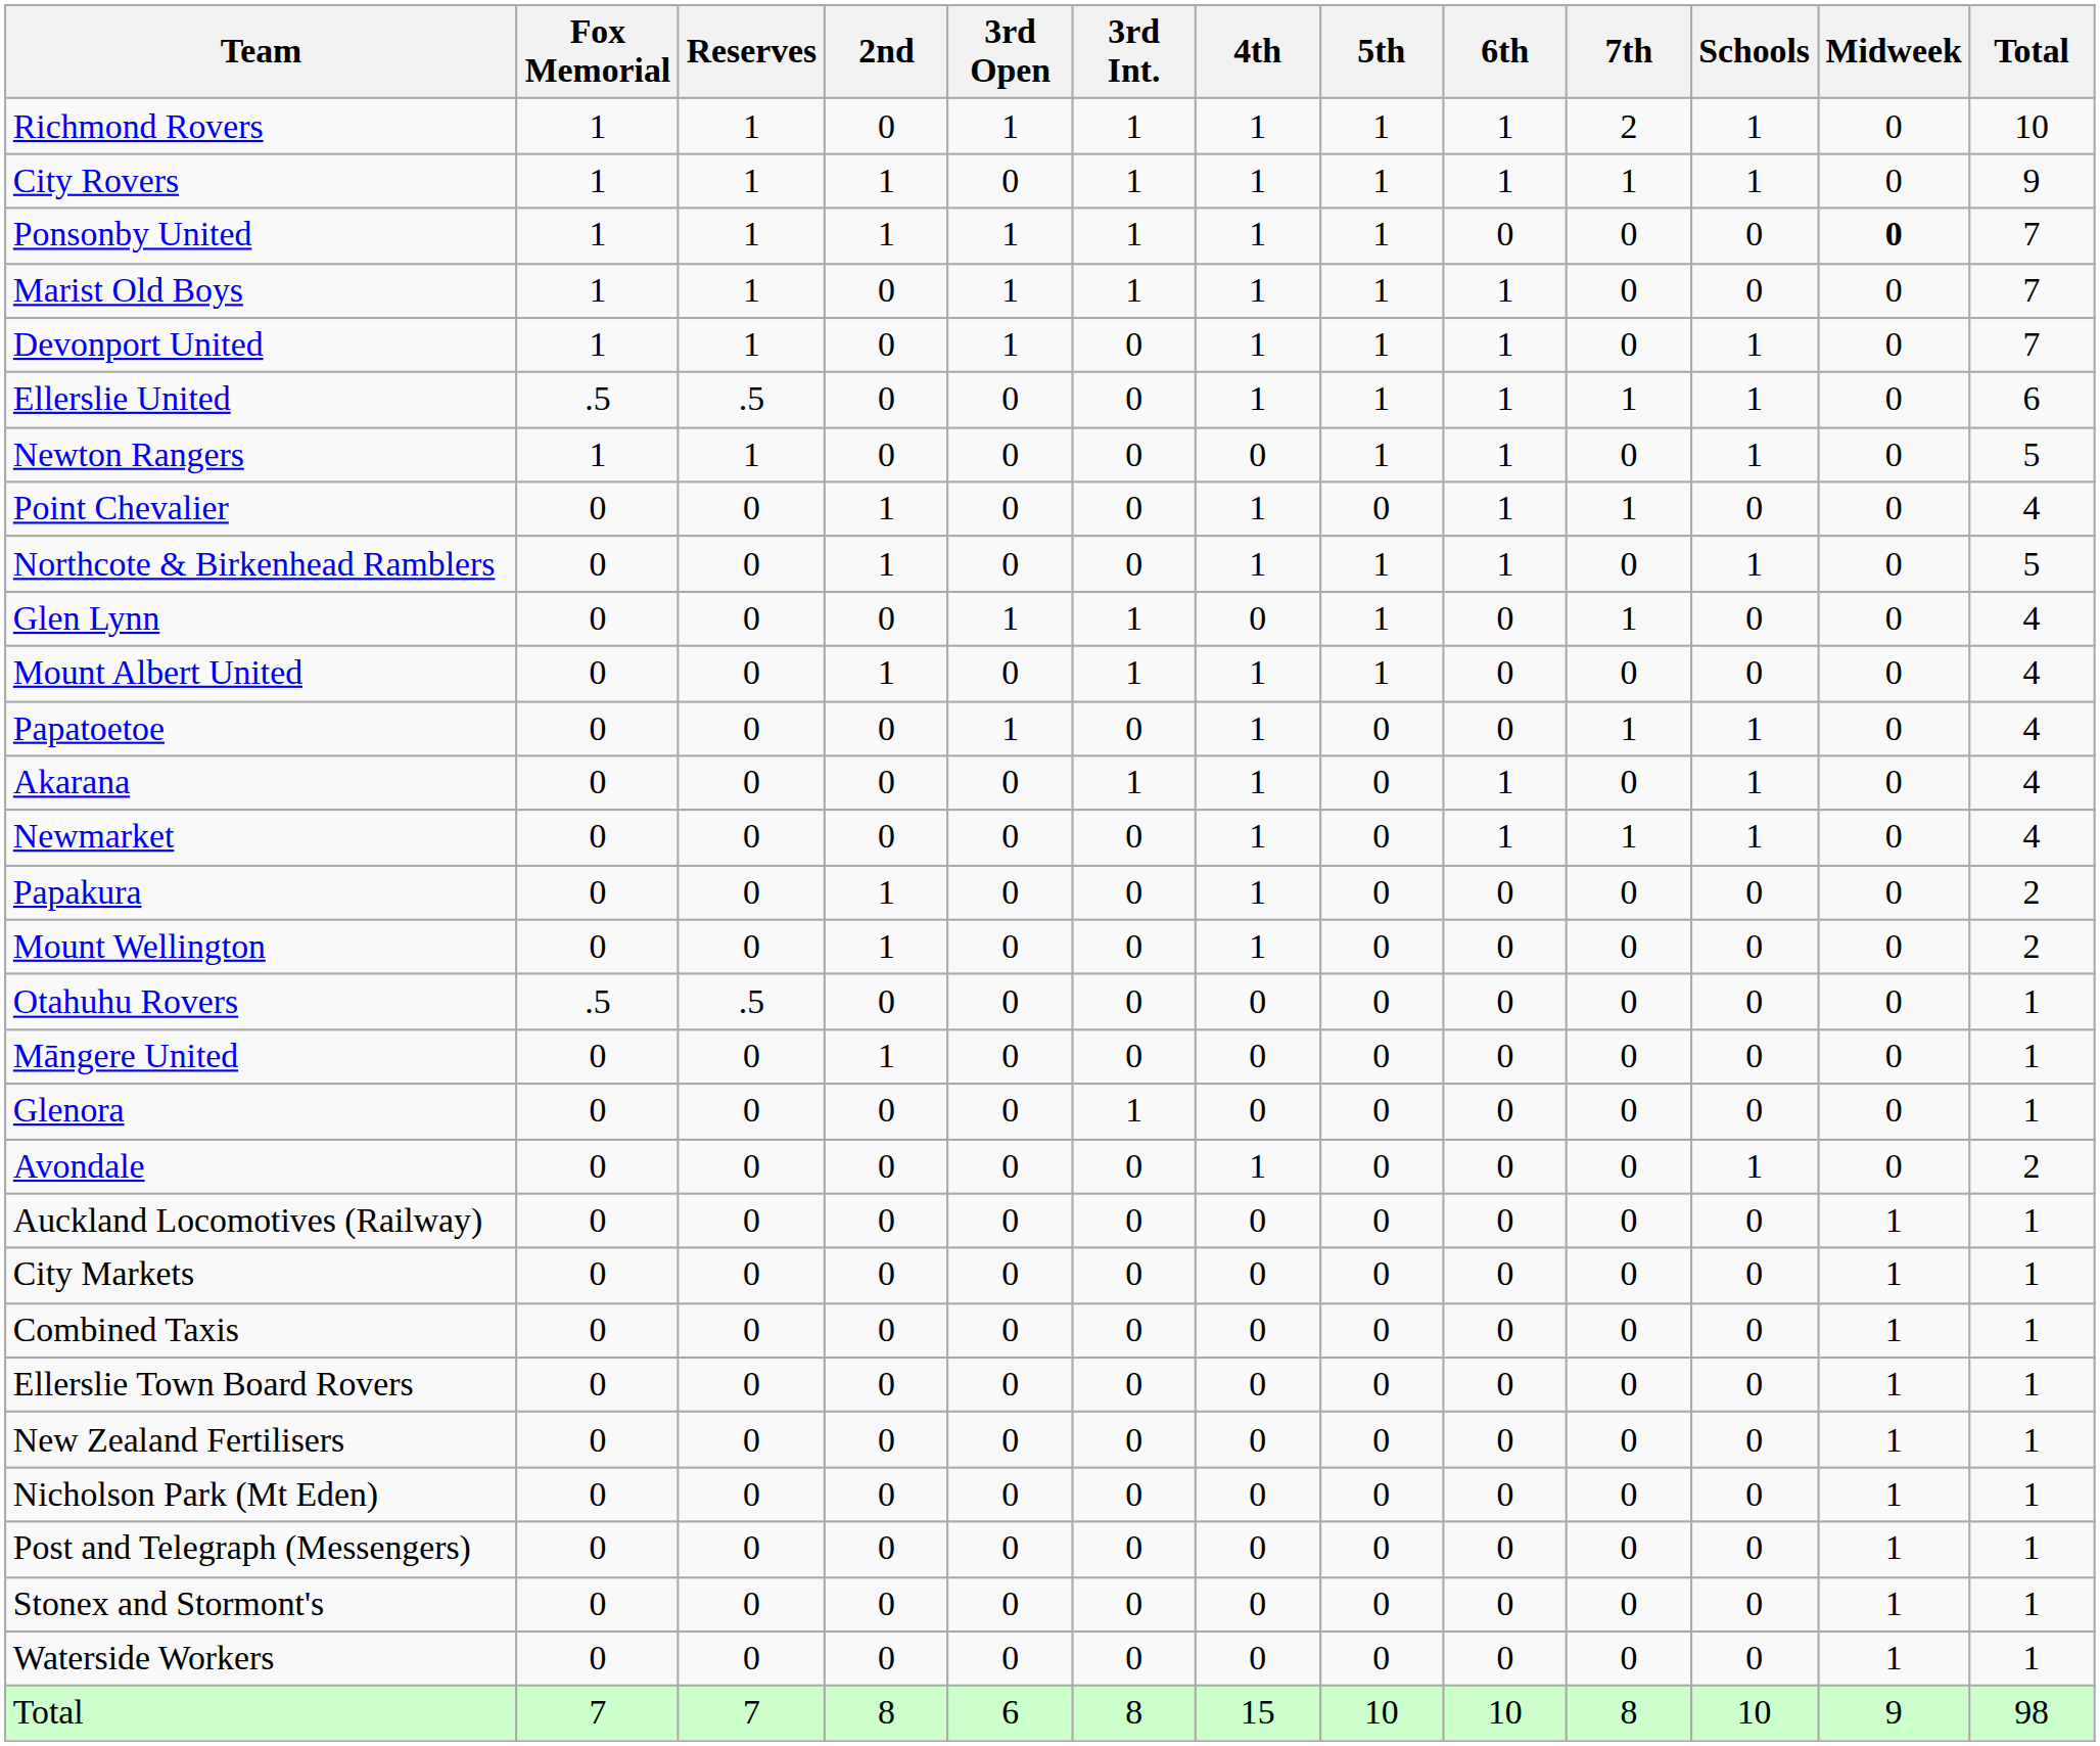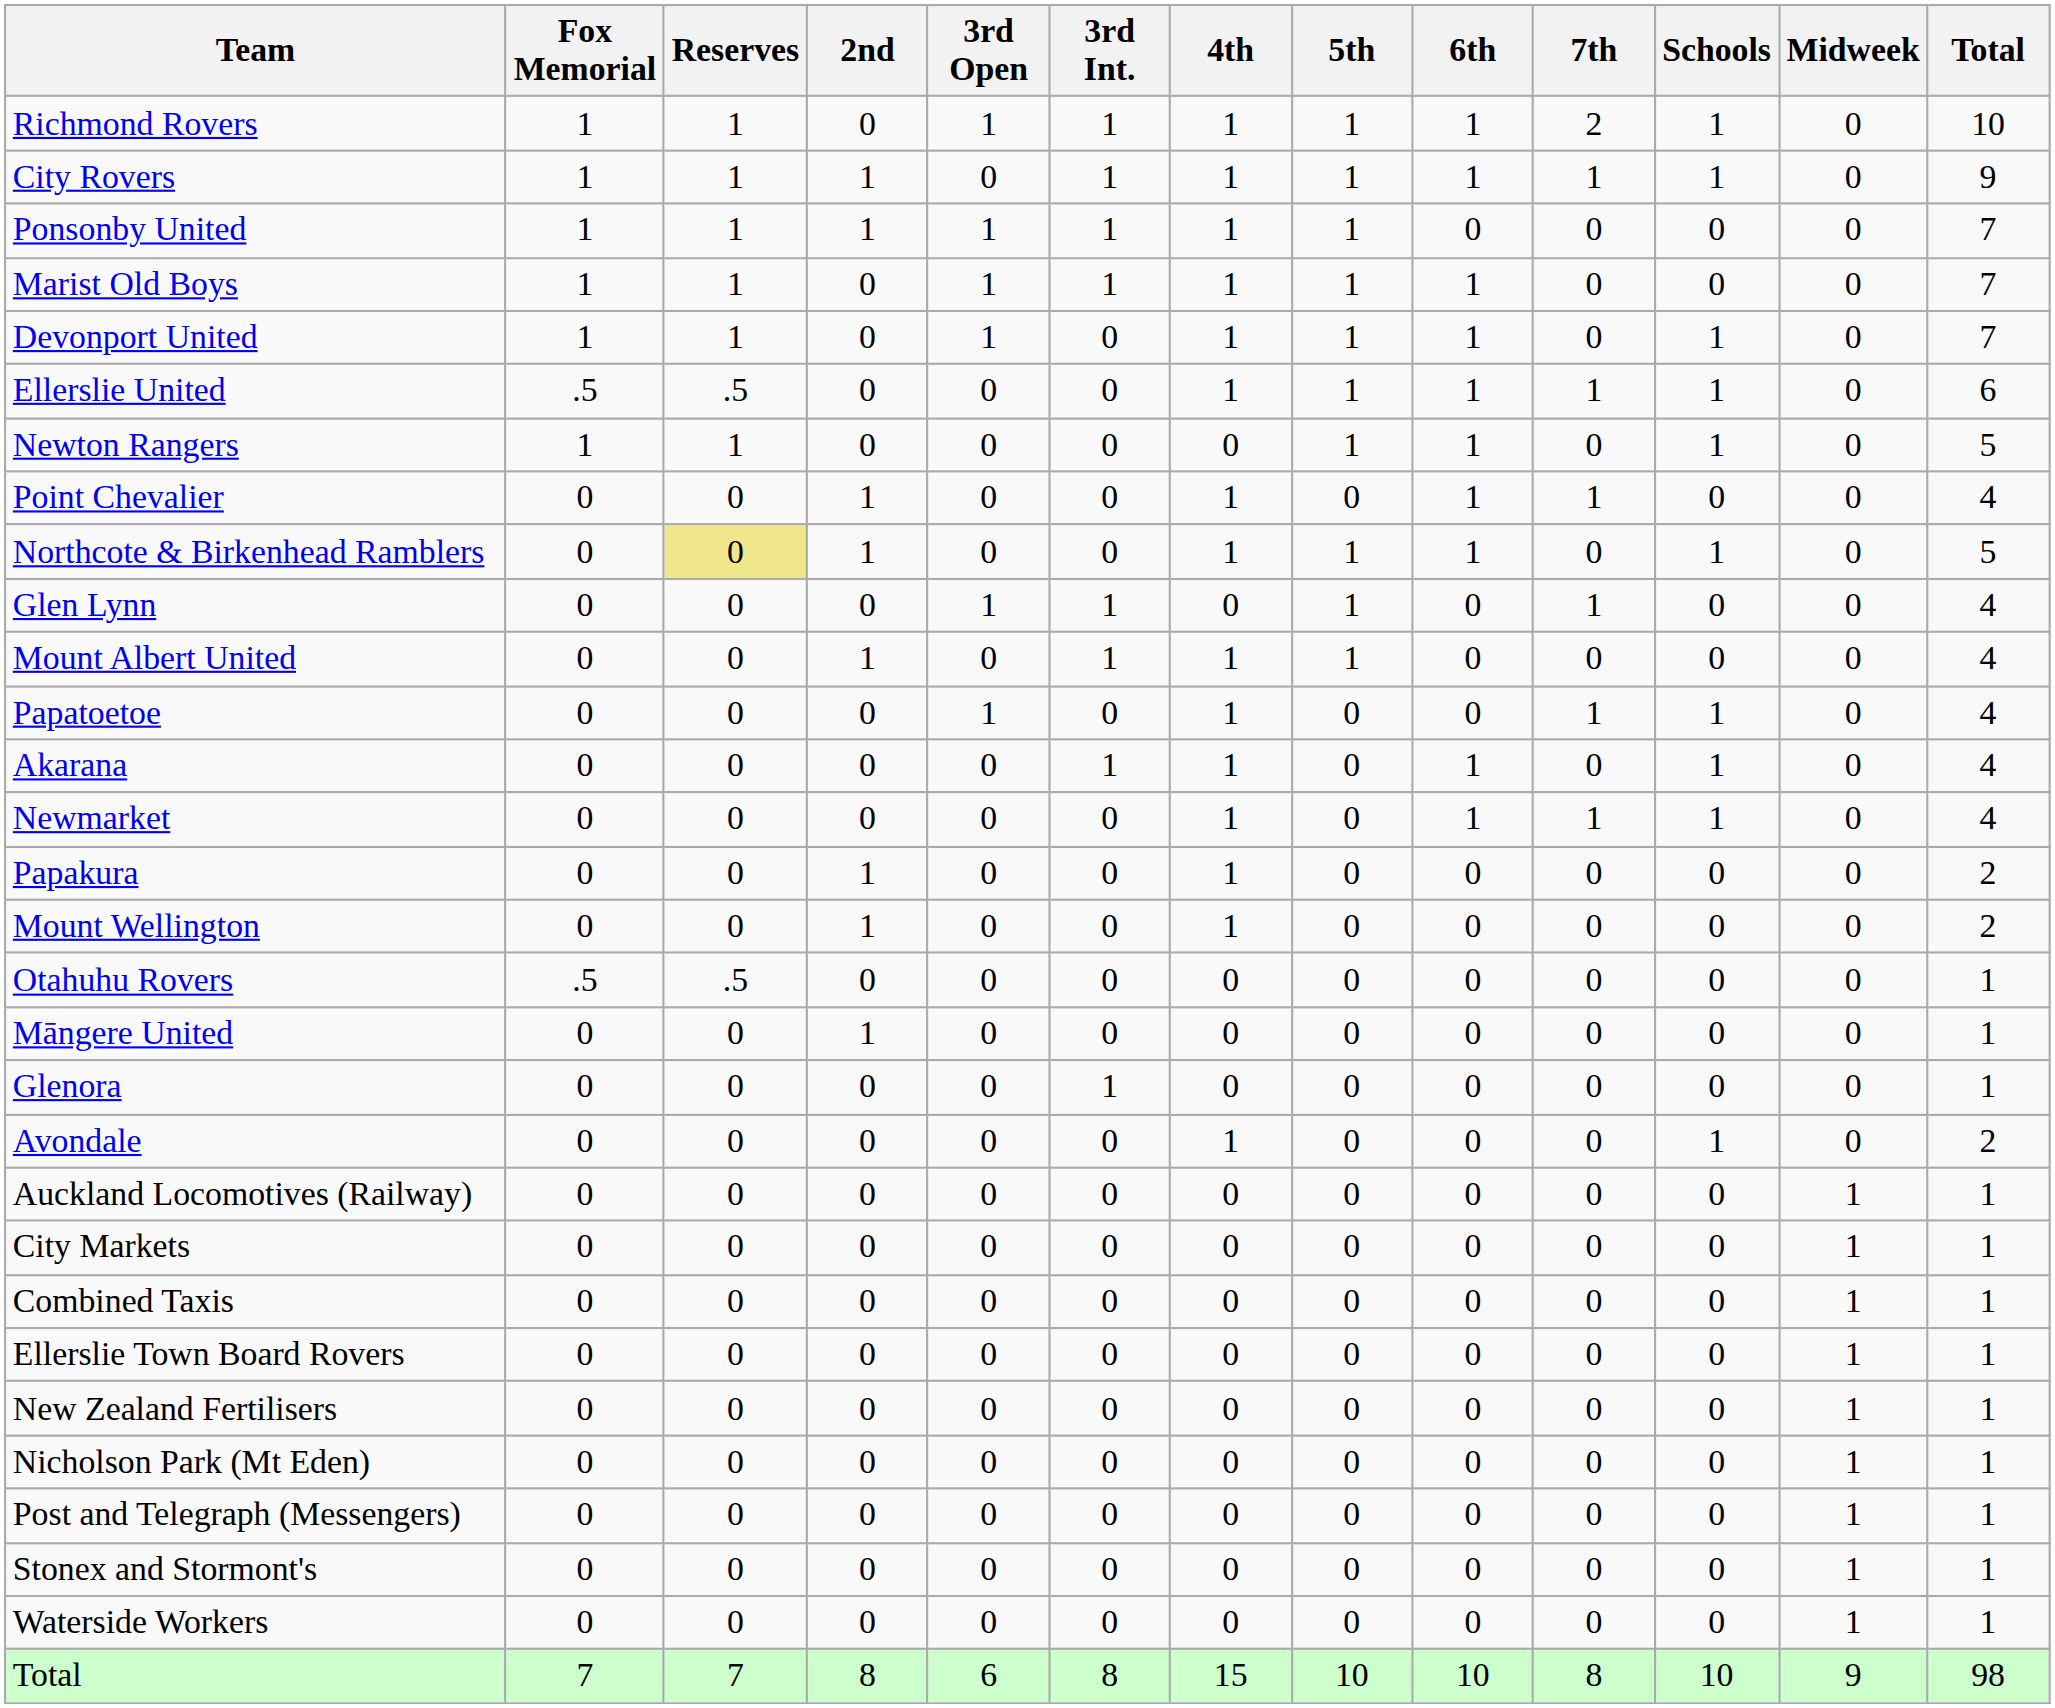 <table class="wikitable" style="text-align:center;">
 <tr>
 <th width=230>Team</th>
 <th width=50 abbr="1st Grade">Fox Memorial</th>
 <th width=50 abbr="Reserves">Reserves</th>
 <th width=50 abbr="2nd Grade">2nd</th>
 <th width=50 abbr="3rd Grade">3rd Open</th>
 <th width=50 abbr="3rd Grade">3rd Int.</th>
 <th width=50 abbr="4th Grade">4th</th>
 <th width=50 abbr="5th Grade">5th</th>
 <th width=50 abbr="6th Grade">6th</th>
 <th width=50 abbr="7th Grade">7th</th>
 <th width=50 abbr="Schoolboys">Schools</th>
 <th width=50 abbr="Midweek Competition">Midweek</th>
 <th width=50 abbr="Total">Total</th>
 </tr>
 <tr>
 <td style="text-align:left;"><a href='#'>Richmond Rovers</a></td>
 <td>1</td>
 <td>1</td>
 <td>0</td>
 <td>1</td>
 <td>1</td>
 <td>1</td>
 <td>1</td>
 <td>1</td>
 <td>2</td>
 <td>1</td>
 <td>0</td>
 <td>10</td>
 </tr>
 <tr>
 <td style="text-align:left;"><a href='#'>City Rovers</a></td>
 <td>1</td>
 <td>1</td>
 <td>1</td>
 <td>0</td>
 <td>1</td>
 <td>1</td>
 <td>1</td>
 <td>1</td>
 <td>1</td>
 <td>1</td>
 <td>0</td>
 <td>9</td>
 </tr>
 <tr>
 <td style="text-align:left;"><a href='#'>Ponsonby United</a></td>
 <td>1</td>
 <td>1</td>
 <td>1</td>
 <td>1</td>
 <td>1</td>
 <td>1</td>
 <td>1</td>
 <td>0</td>
 <td>0</td>
 <td>0</td>
-<td><strong>0</strong></td>
+<td>0</td>
 <td>7</td>
 </tr>
 <tr>
 <td style="text-align:left;"><a href='#'>Marist Old Boys</a></td>
 <td>1</td>
 <td>1</td>
 <td>0</td>
 <td>1</td>
 <td>1</td>
 <td>1</td>
 <td>1</td>
 <td>1</td>
 <td>0</td>
 <td>0</td>
 <td>0</td>
 <td>7</td>
 </tr>
 <tr>
 <td style="text-align:left;"><a href='#'>Devonport United</a></td>
 <td>1</td>
 <td>1</td>
 <td>0</td>
 <td>1</td>
 <td>0</td>
 <td>1</td>
 <td>1</td>
 <td>1</td>
 <td>0</td>
 <td>1</td>
 <td>0</td>
 <td>7</td>
 </tr>
 <tr>
 <td style="text-align:left;"><a href='#'>Ellerslie United</a></td>
 <td>.5</td>
 <td>.5</td>
 <td>0</td>
 <td>0</td>
 <td>0</td>
 <td>1</td>
 <td>1</td>
 <td>1</td>
 <td>1</td>
 <td>1</td>
 <td>0</td>
 <td>6</td>
 </tr>
 <tr>
 <td style="text-align:left;"><a href='#'>Newton Rangers</a></td>
 <td>1</td>
 <td>1</td>
 <td>0</td>
 <td>0</td>
 <td>0</td>
 <td>0</td>
 <td>1</td>
 <td>1</td>
 <td>0</td>
 <td>1</td>
 <td>0</td>
 <td>5</td>
 </tr>
 <tr>
 <td style="text-align:left;"><a href='#'>Point Chevalier</a></td>
 <td>0</td>
 <td>0</td>
 <td>1</td>
 <td>0</td>
 <td>0</td>
 <td>1</td>
 <td>0</td>
 <td>1</td>
 <td>1</td>
 <td>0</td>
 <td>0</td>
 <td>4</td>
 </tr>
 <tr>
 <td style="text-align:left;"><a href='#'>Northcote & Birkenhead Ramblers</a></td>
 <td>0</td>
-<td>0</td>
+<td style="background: khaki;">0</td>
 <td>1</td>
 <td>0</td>
 <td>0</td>
 <td>1</td>
 <td>1</td>
 <td>1</td>
 <td>0</td>
 <td>1</td>
 <td>0</td>
 <td>5</td>
 </tr>
 <tr>
 <td style="text-align:left;"><a href='#'>Glen Lynn</a></td>
 <td>0</td>
 <td>0</td>
 <td>0</td>
 <td>1</td>
 <td>1</td>
 <td>0</td>
 <td>1</td>
 <td>0</td>
 <td>1</td>
 <td>0</td>
 <td>0</td>
 <td>4</td>
 </tr>
 <tr>
 <td style="text-align:left;"><a href='#'>Mount Albert United</a></td>
 <td>0</td>
 <td>0</td>
 <td>1</td>
 <td>0</td>
 <td>1</td>
 <td>1</td>
 <td>1</td>
 <td>0</td>
 <td>0</td>
 <td>0</td>
 <td>0</td>
 <td>4</td>
 </tr>
 <tr>
 <td style="text-align:left;"><a href='#'>Papatoetoe</a></td>
 <td>0</td>
 <td>0</td>
 <td>0</td>
 <td>1</td>
 <td>0</td>
 <td>1</td>
 <td>0</td>
 <td>0</td>
 <td>1</td>
 <td>1</td>
 <td>0</td>
 <td>4</td>
 </tr>
 <tr>
 <td style="text-align:left;"><a href='#'>Akarana</a></td>
 <td>0</td>
 <td>0</td>
 <td>0</td>
 <td>0</td>
 <td>1</td>
 <td>1</td>
 <td>0</td>
 <td>1</td>
 <td>0</td>
 <td>1</td>
 <td>0</td>
 <td>4</td>
 </tr>
 <tr>
 <td style="text-align:left;"><a href='#'>Newmarket</a></td>
 <td>0</td>
 <td>0</td>
 <td>0</td>
 <td>0</td>
 <td>0</td>
 <td>1</td>
 <td>0</td>
 <td>1</td>
 <td>1</td>
 <td>1</td>
 <td>0</td>
 <td>4</td>
 </tr>
 <tr>
 <td style="text-align:left;"><a href='#'>Papakura</a></td>
 <td>0</td>
 <td>0</td>
 <td>1</td>
 <td>0</td>
 <td>0</td>
 <td>1</td>
 <td>0</td>
 <td>0</td>
 <td>0</td>
 <td>0</td>
 <td>0</td>
 <td>2</td>
 </tr>
 <tr>
 <td style="text-align:left;"><a href='#'>Mount Wellington</a></td>
 <td>0</td>
 <td>0</td>
 <td>1</td>
 <td>0</td>
 <td>0</td>
 <td>1</td>
 <td>0</td>
 <td>0</td>
 <td>0</td>
 <td>0</td>
 <td>0</td>
 <td>2</td>
 </tr>
 <tr>
 <td style="text-align:left;"><a href='#'>Otahuhu Rovers</a></td>
 <td>.5</td>
 <td>.5</td>
 <td>0</td>
 <td>0</td>
 <td>0</td>
 <td>0</td>
 <td>0</td>
 <td>0</td>
 <td>0</td>
 <td>0</td>
 <td>0</td>
 <td>1</td>
 </tr>
 <tr>
 <td style="text-align:left;"><a href='#'>Māngere United</a></td>
 <td>0</td>
 <td>0</td>
 <td>1</td>
 <td>0</td>
 <td>0</td>
 <td>0</td>
 <td>0</td>
 <td>0</td>
 <td>0</td>
 <td>0</td>
 <td>0</td>
 <td>1</td>
 </tr>
 <tr>
 <td style="text-align:left;"><a href='#'>Glenora</a></td>
 <td>0</td>
 <td>0</td>
 <td>0</td>
 <td>0</td>
 <td>1</td>
 <td>0</td>
 <td>0</td>
 <td>0</td>
 <td>0</td>
 <td>0</td>
 <td>0</td>
 <td>1</td>
 </tr>
 <tr>
 <td style="text-align:left;"><a href='#'>Avondale</a></td>
 <td>0</td>
 <td>0</td>
 <td>0</td>
 <td>0</td>
 <td>0</td>
 <td>1</td>
 <td>0</td>
 <td>0</td>
 <td>0</td>
 <td>1</td>
 <td>0</td>
 <td>2</td>
 </tr>
 <tr>
 <td style="text-align:left;">Auckland Locomotives (Railway)</td>
 <td>0</td>
 <td>0</td>
 <td>0</td>
 <td>0</td>
 <td>0</td>
 <td>0</td>
 <td>0</td>
 <td>0</td>
 <td>0</td>
 <td>0</td>
 <td>1</td>
 <td>1</td>
 </tr>
 <tr>
 <td style="text-align:left;">City Markets</td>
 <td>0</td>
 <td>0</td>
 <td>0</td>
 <td>0</td>
 <td>0</td>
 <td>0</td>
 <td>0</td>
 <td>0</td>
 <td>0</td>
 <td>0</td>
 <td>1</td>
 <td>1</td>
 </tr>
 <tr>
 <td style="text-align:left;">Combined Taxis</td>
 <td>0</td>
 <td>0</td>
 <td>0</td>
 <td>0</td>
 <td>0</td>
 <td>0</td>
 <td>0</td>
 <td>0</td>
 <td>0</td>
 <td>0</td>
 <td>1</td>
 <td>1</td>
 </tr>
 <tr>
 <td style="text-align:left;">Ellerslie Town Board Rovers</td>
 <td>0</td>
 <td>0</td>
 <td>0</td>
 <td>0</td>
 <td>0</td>
 <td>0</td>
 <td>0</td>
 <td>0</td>
 <td>0</td>
 <td>0</td>
 <td>1</td>
 <td>1</td>
 </tr>
 <tr>
 <td style="text-align:left;">New Zealand Fertilisers</td>
 <td>0</td>
 <td>0</td>
 <td>0</td>
 <td>0</td>
 <td>0</td>
 <td>0</td>
 <td>0</td>
 <td>0</td>
 <td>0</td>
 <td>0</td>
 <td>1</td>
 <td>1</td>
 </tr>
 <tr>
 <td style="text-align:left;">Nicholson Park (Mt Eden)</td>
 <td>0</td>
 <td>0</td>
 <td>0</td>
 <td>0</td>
 <td>0</td>
 <td>0</td>
 <td>0</td>
 <td>0</td>
 <td>0</td>
 <td>0</td>
 <td>1</td>
 <td>1</td>
 </tr>
 <tr>
 <td style="text-align:left;">Post and Telegraph (Messengers)</td>
 <td>0</td>
 <td>0</td>
 <td>0</td>
 <td>0</td>
 <td>0</td>
 <td>0</td>
 <td>0</td>
 <td>0</td>
 <td>0</td>
 <td>0</td>
 <td>1</td>
 <td>1</td>
 </tr>
 <tr>
 <td style="text-align:left;">Stonex and Stormont's</td>
 <td>0</td>
 <td>0</td>
 <td>0</td>
 <td>0</td>
 <td>0</td>
 <td>0</td>
 <td>0</td>
 <td>0</td>
 <td>0</td>
 <td>0</td>
 <td>1</td>
 <td>1</td>
 </tr>
 <tr>
 <td style="text-align:left;">Waterside Workers</td>
 <td>0</td>
 <td>0</td>
 <td>0</td>
 <td>0</td>
 <td>0</td>
 <td>0</td>
 <td>0</td>
 <td>0</td>
 <td>0</td>
 <td>0</td>
 <td>1</td>
 <td>1</td>
 </tr>
 <tr style="background: #ccffcc;">
 <td style="text-align:left;">Total</td>
 <td>7</td>
 <td>7</td>
 <td>8</td>
 <td>6</td>
 <td>8</td>
 <td>15</td>
 <td>10</td>
 <td>10</td>
 <td>8</td>
 <td>10</td>
 <td>9</td>
 <td>98</td>
 </tr>
 <tr>
 </tr>
 </table>
